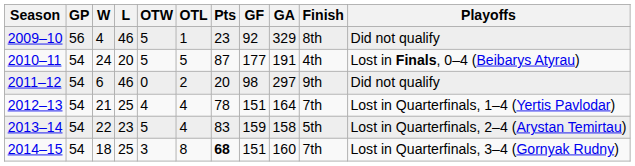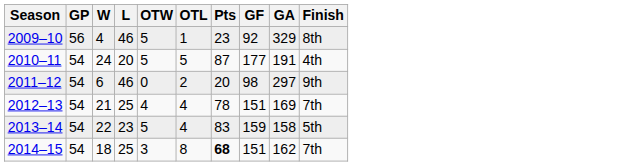 <table class="wikitable">
 <tr>
 <th>Season</th>
 <th>GP</th>
 <th>W</th>
 <th>L</th>
 <th>OTW</th>
 <th>OTL</th>
 <th>Pts</th>
 <th>GF</th>
 <th>GA</th>
 <th>Finish</th>
-<th>Playoffs</th>
 </tr>
 <tr style="background:#eee;">
 <td><a href='#'>2009–10</a></td>
 <td>56</td>
 <td>4</td>
 <td>46</td>
 <td>5</td>
 <td>1</td>
 <td>23</td>
 <td>92</td>
 <td>329</td>
 <td>8th</td>
-<td>Did not qualify</td>
 </tr>
 <tr>
 <td><a href='#'>2010–11</a></td>
 <td>54</td>
 <td>24</td>
 <td>20</td>
 <td>5</td>
 <td>5</td>
 <td>87</td>
 <td>177</td>
 <td>191</td>
 <td>4th</td>
-<td>Lost in <strong>Finals</strong>, 0–4 (<a href='#'>Beibarys Atyrau</a>)</td>
 </tr>
 <tr style="background:#eee;">
 <td><a href='#'>2011–12</a></td>
 <td>54</td>
 <td>6</td>
 <td>46</td>
 <td>0</td>
 <td>2</td>
 <td>20</td>
 <td>98</td>
 <td>297</td>
 <td>9th</td>
-<td>Did not qualify</td>
 </tr>
 <tr>
 <td><a href='#'>2012–13</a></td>
 <td>54</td>
 <td>21</td>
 <td>25</td>
 <td>4</td>
 <td>4</td>
 <td>78</td>
 <td>151</td>
-<td>164</td>
+<td>169</td>
 <td>7th</td>
-<td>Lost in Quarterfinals, 1–4 (<a href='#'>Yertis Pavlodar</a>)</td>
 </tr>
 <tr style="background:#eee;">
 <td><a href='#'>2013–14</a></td>
 <td>54</td>
 <td>22</td>
 <td>23</td>
 <td>5</td>
 <td>4</td>
 <td>83</td>
 <td>159</td>
 <td>158</td>
 <td>5th</td>
-<td>Lost in Quarterfinals, 2–4 (<a href='#'>Arystan Temirtau</a>)</td>
 </tr>
 <tr>
 <td><a href='#'>2014–15</a></td>
 <td>54</td>
 <td>18</td>
 <td>25</td>
 <td>3</td>
 <td>8</td>
 <td><strong>68</strong></td>
 <td>151</td>
-<td>160</td>
+<td>162</td>
 <td>7th</td>
-<td>Lost in Quarterfinals, 3–4 (<a href='#'>Gornyak Rudny</a>)</td>
 </tr>
 </table>
